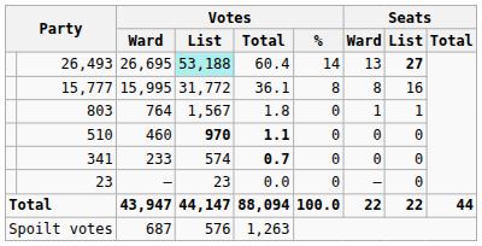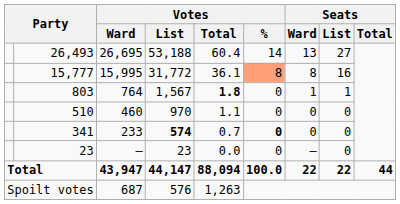 <table class=wikitable style="text-align:right">
 <tr>
 <th rowspan="2" colspan="2">Party</th>
 <th colspan="4" align="center">Votes</th>
 <th colspan="3" align="center">Seats</th>
 </tr>
 <tr>
 <th>Ward</th>
 <th>List</th>
 <th>Total</th>
 <th>%</th>
 <th>Ward</th>
 <th>List</th>
 <th>Total</th>
 </tr>
 <tr>
 <td></td>
 <td>26,493</td>
 <td>26,695</td>
-<td style="background: paleturquoise;">53,188</td>
+<td>53,188</td>
 <td>60.4</td>
 <td>14</td>
 <td>13</td>
-<td><strong>27</strong></td>
+<td>27</td>
 </tr>
 <tr>
 <td></td>
 <td>15,777</td>
 <td>15,995</td>
 <td>31,772</td>
 <td>36.1</td>
-<td>8</td>
+<td style="background: lightsalmon;">8</td>
 <td>8</td>
 <td>16</td>
 </tr>
 <tr>
 <td></td>
 <td>803</td>
 <td>764</td>
 <td>1,567</td>
-<td>1.8</td>
+<td><strong>1.8</strong></td>
 <td>0</td>
 <td>1</td>
 <td>1</td>
 </tr>
 <tr>
 <td></td>
 <td>510</td>
 <td>460</td>
-<td><strong>970</strong></td>
-<td><strong>1.1</strong></td>
+<td>970</td>
+<td>1.1</td>
 <td>0</td>
 <td>0</td>
 <td>0</td>
 </tr>
 <tr>
 <td></td>
 <td>341</td>
 <td>233</td>
-<td>574</td>
-<td><strong>0.7</strong></td>
-<td>0</td>
+<td><strong>574</strong></td>
+<td>0.7</td>
+<td><strong>0</strong></td>
 <td>0</td>
 <td>0</td>
 </tr>
 <tr>
 <td></td>
 <td>23</td>
 <td>–</td>
 <td>23</td>
 <td>0.0</td>
 <td>0</td>
 <td>–</td>
 <td>0</td>
 </tr>
 <tr>
 <td colspan="2" style="text-align:left"><strong>Total</strong></td>
 <td><strong>43,947</strong></td>
 <td><strong>44,147</strong></td>
 <td><strong>88,094</strong></td>
 <td><strong>100.0</strong></td>
 <td><strong>22</strong></td>
 <td><strong>22</strong></td>
 <td><strong>44</strong></td>
 </tr>
 <tr>
 <td colspan="2" style="text-align:left">Spoilt votes</td>
 <td>687</td>
 <td>576</td>
 <td>1,263</td>
 </tr>
 </table>
